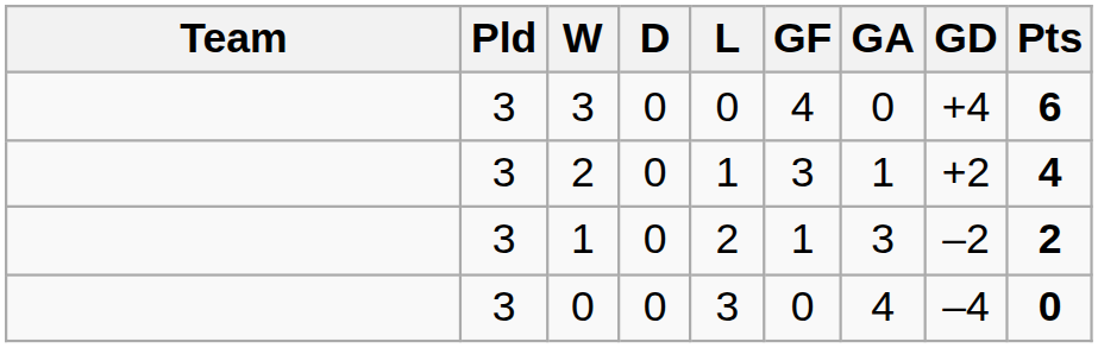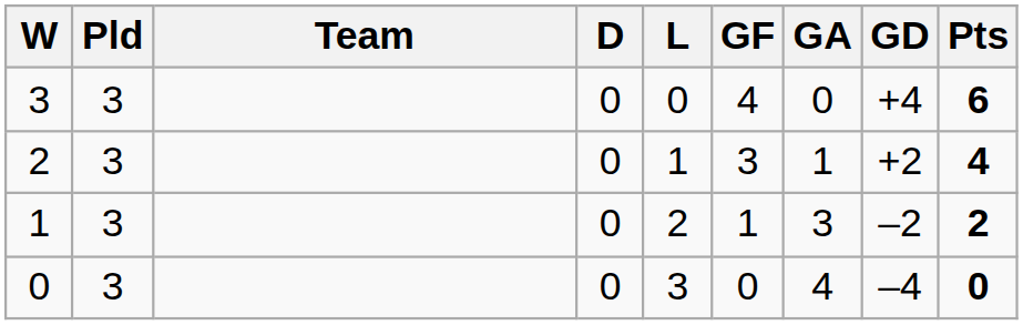 <table class="wikitable" style="text-align: center;">
 <tr>
+<th width=20>W</th>
+<th width=20>Pld</th>
 <th width=165>Team</th>
-<th width=20>Pld</th>
-<th width=20>W</th>
 <th width=20>D</th>
 <th width=20>L</th>
 <th width=20>GF</th>
 <th width=20>GA</th>
 <th width=20>GD</th>
 <th width=20>Pts</th>
 </tr>
 <tr>
-<td align=left><strong></strong></td>
 <td>3</td>
 <td>3</td>
+<td align=left><strong></strong></td>
 <td>0</td>
 <td>0</td>
 <td>4</td>
 <td>0</td>
 <td>+4</td>
 <td><strong>6</strong></td>
 </tr>
 <tr>
+<td>2</td>
+<td>3</td>
 <td align=left></td>
-<td>3</td>
-<td>2</td>
 <td>0</td>
 <td>1</td>
 <td>3</td>
 <td>1</td>
 <td>+2</td>
 <td><strong>4</strong></td>
 </tr>
 <tr>
+<td>1</td>
+<td>3</td>
 <td align=left></td>
-<td>3</td>
-<td>1</td>
 <td>0</td>
 <td>2</td>
 <td>1</td>
 <td>3</td>
 <td>–2</td>
 <td><strong>2</strong></td>
 </tr>
 <tr>
+<td>0</td>
+<td>3</td>
 <td align=left></td>
-<td>3</td>
-<td>0</td>
 <td>0</td>
 <td>3</td>
 <td>0</td>
 <td>4</td>
 <td>–4</td>
 <td><strong>0</strong></td>
 </tr>
 </table>
